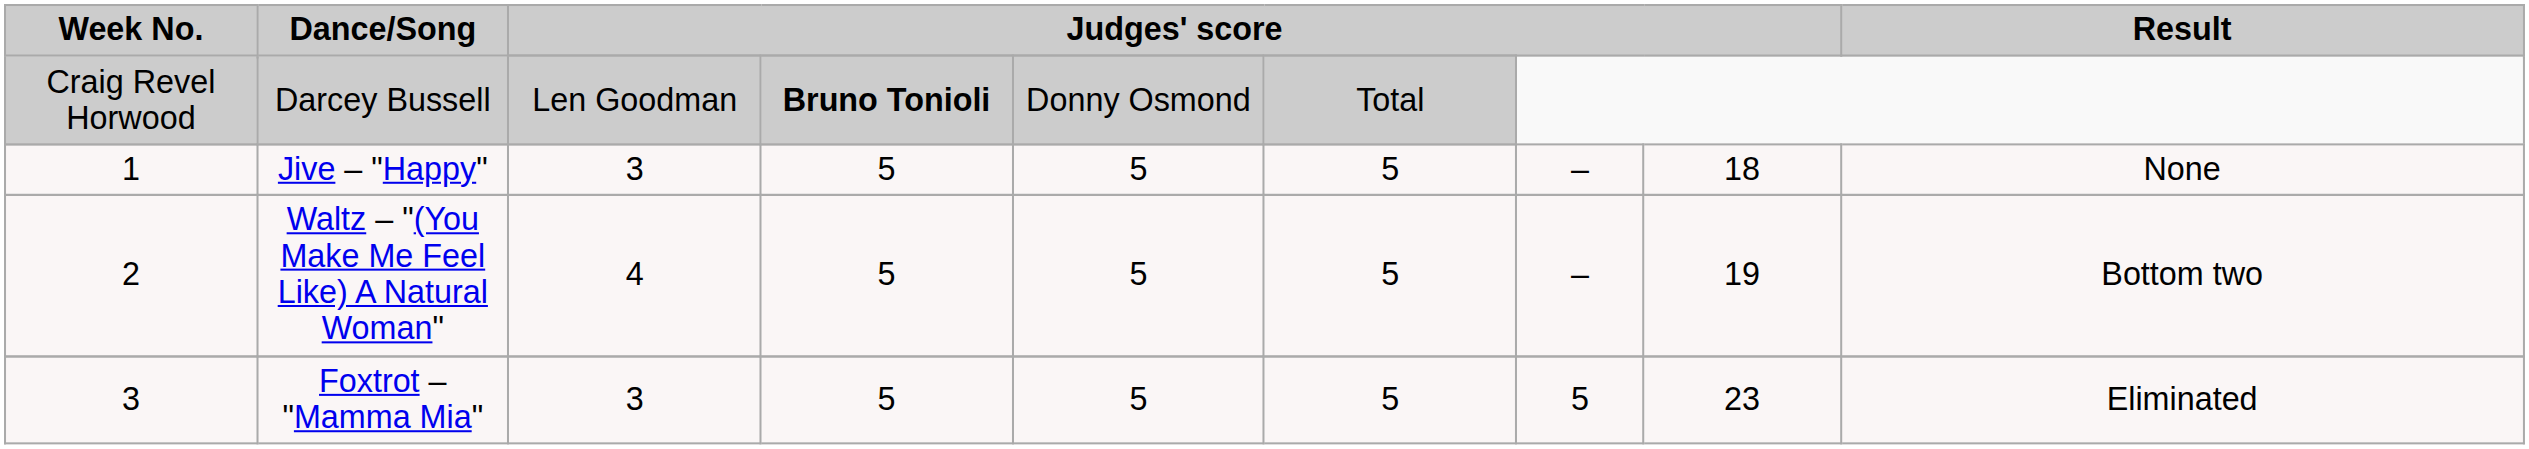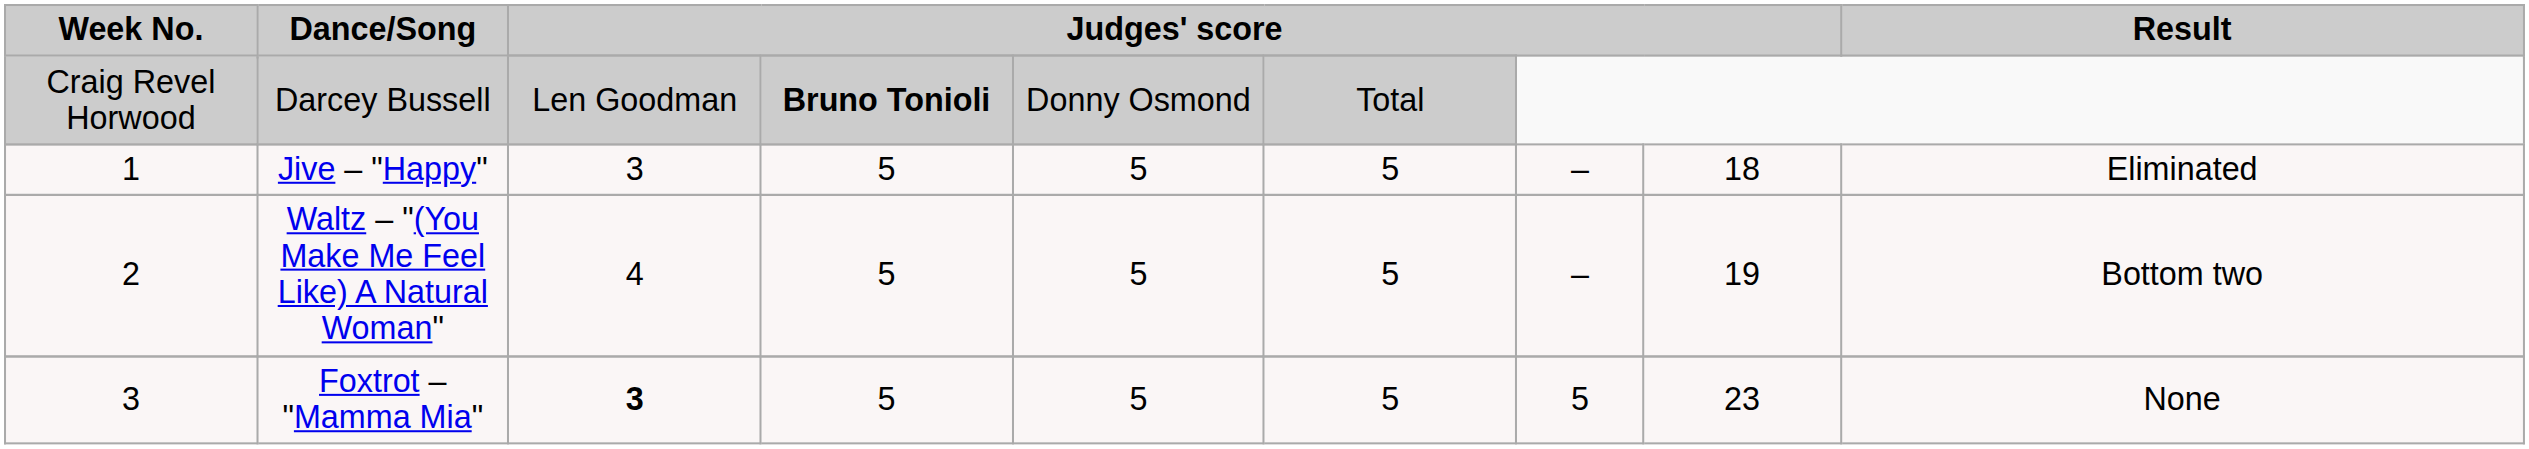 <table class="wikitable">
 <tr>
 <td rowspan="2" bgcolor="CCCCCC" align="Center"><strong>Week No.</strong></td>
 <td rowspan="2" bgcolor="CCCCCC" align="Center"><strong>Dance/Song</strong></td>
 <td colspan="6" bgcolor="CCCCCC" align="Center"><strong>Judges' score</strong></td>
 <td rowspan="2" bgcolor="CCCCCC" align="Center"><strong>Result</strong></td>
 </tr>
 <tr>
 </tr>
 <tr>
 <td bgcolor="CCCCCC" width="10%" align="center">Craig Revel Horwood</td>
 <td bgcolor="CCCCCC" width="10%" align="center">Darcey Bussell</td>
 <td bgcolor="CCCCCC" width="10%" align="center">Len Goodman</td>
 <td bgcolor="CCCCCC" width="10%" align="center"><strong>Bruno Tonioli</strong></td>
 <td bgcolor="CCCCCC" width="10%" align="center">Donny Osmond</td>
 <td bgcolor="CCCCCC" width="10%" align="center">Total</td>
 </tr>
 <tr>
 </tr>
 <tr>
 <td align="center" bgcolor="FAF6F6">1</td>
 <td align="center" bgcolor="FAF6F6"><a href='#'>Jive</a> – "<a href='#'>Happy</a>"</td>
 <td align="center" bgcolor="FAF6F6">3</td>
 <td align="center" bgcolor="FAF6F6">5</td>
 <td align="center" bgcolor="FAF6F6">5</td>
 <td align="center" bgcolor="FAF6F6">5</td>
 <td align="center" bgcolor="FAF6F6">–</td>
 <td align="center" bgcolor="FAF6F6">18</td>
-<td align="center" bgcolor="FAF6F6">None</td>
+<td align="center" bgcolor="FAF6F6">Eliminated</td>
 </tr>
 <tr>
 </tr>
 <tr>
 <td align="center" bgcolor="FAF6F6">2</td>
 <td align="center" bgcolor="FAF6F6"><a href='#'>Waltz</a> – "<a href='#'>(You Make Me Feel Like) A Natural Woman</a>"</td>
 <td align="center" bgcolor="FAF6F6">4</td>
 <td align="center" bgcolor="FAF6F6">5</td>
 <td align="center" bgcolor="FAF6F6">5</td>
 <td align="center" bgcolor="FAF6F6">5</td>
 <td align="center" bgcolor="FAF6F6">–</td>
 <td align="center" bgcolor="FAF6F6">19</td>
 <td align="center" bgcolor="FAF6F6">Bottom two</td>
 </tr>
 <tr>
 </tr>
 <tr>
 <td align="center" bgcolor="FAF6F6">3</td>
 <td align="center" bgcolor="FAF6F6"><a href='#'>Foxtrot</a> – "<a href='#'>Mamma Mia</a>"</td>
-<td align="center" bgcolor="FAF6F6">3</td>
+<td align="center" bgcolor="FAF6F6"><strong>3</strong></td>
 <td align="center" bgcolor="FAF6F6">5</td>
 <td align="center" bgcolor="FAF6F6">5</td>
 <td align="center" bgcolor="FAF6F6">5</td>
 <td align="center" bgcolor="FAF6F6">5</td>
 <td align="center" bgcolor="FAF6F6">23</td>
-<td align="center" bgcolor="FAF6F6">Eliminated</td>
+<td align="center" bgcolor="FAF6F6">None</td>
 </tr>
 </table>
